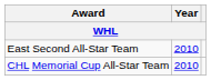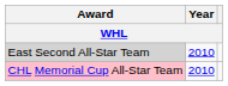 <table class="wikitable">
 <tr>
 <th>Award</th>
 <th>Year</th>
 <th></th>
 </tr>
 <tr>
 <th colspan="3"><a href='#'>WHL</a></th>
 </tr>
 <tr>
-<td>East Second All-Star Team</td>
+<td style="background: lightgrey;">East Second All-Star Team</td>
 <td><a href='#'>2010</a></td>
 <td></td>
 </tr>
 <tr>
-<td><a href='#'>CHL</a> <a href='#'>Memorial Cup</a> All-Star Team</td>
+<td style="background: pink;"><a href='#'>CHL</a> <a href='#'>Memorial Cup</a> All-Star Team</td>
 <td><a href='#'>2010</a></td>
 <td></td>
 </tr>
 </table>
